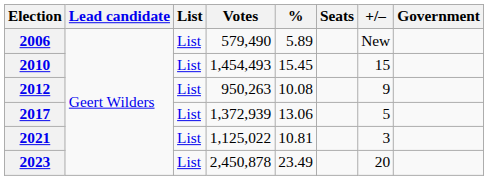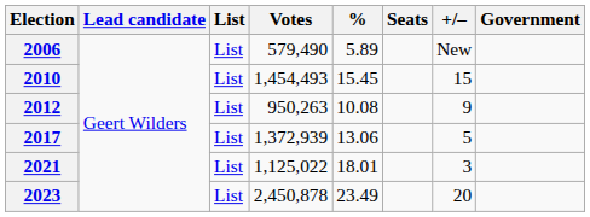 <table class="wikitable" style="text-align: right;">
 <tr>
 <th scope="col">Election</th>
 <th scope="col"><a href='#'>Lead candidate</a></th>
 <th scope="col" class="unsortable">List</th>
 <th scope="col">Votes</th>
 <th scope="col">%</th>
 <th scope="col">Seats</th>
 <th scope="col">+/–</th>
 <th scope="col">Government</th>
 </tr>
 <tr>
 <th scope="row"><a href='#'>2006</a></th>
 <td style="text-align:left" rowspan="6"><a href='#'>Geert Wilders</a></td>
 <td style="text-align:left"><a href='#'>List</a></td>
 <td>579,490</td>
 <td>5.89</td>
 <td></td>
 <td>New</td>
 <td></td>
 </tr>
 <tr>
 <th scope="row"><a href='#'>2010</a></th>
 <td style="text-align:left"><a href='#'>List</a></td>
 <td>1,454,493</td>
 <td>15.45</td>
 <td></td>
 <td> 15</td>
 <td></td>
 </tr>
 <tr>
 <th scope="row"><a href='#'>2012</a></th>
 <td style="text-align:left"><a href='#'>List</a></td>
 <td>950,263</td>
 <td>10.08</td>
 <td></td>
 <td> 9</td>
 <td></td>
 </tr>
 <tr>
 <th scope="row"><a href='#'>2017</a></th>
 <td style="text-align:left"><a href='#'>List</a></td>
 <td>1,372,939</td>
 <td>13.06</td>
 <td></td>
 <td> 5</td>
 <td></td>
 </tr>
 <tr>
 <th scope="row"><a href='#'>2021</a></th>
 <td style="text-align:left"><a href='#'>List</a></td>
 <td>1,125,022</td>
-<td>10.81</td>
+<td>18.01</td>
 <td></td>
 <td> 3</td>
 <td></td>
 </tr>
 <tr>
 <th scope="row"><a href='#'>2023</a></th>
 <td style="text-align:left"><a href='#'>List</a></td>
 <td>2,450,878</td>
 <td>23.49</td>
 <td></td>
 <td> 20</td>
 <td></td>
 </tr>
 </table>
